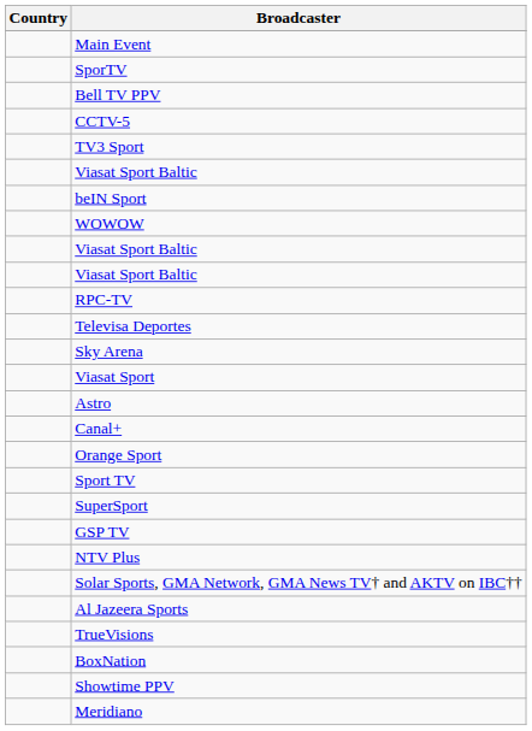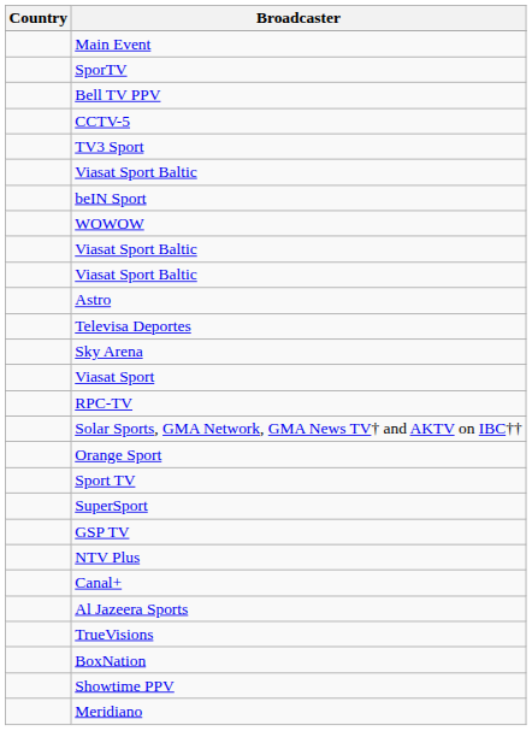 <table class="wikitable">
 <tr>
 <th align=center>Country</th>
 <th align=center>Broadcaster</th>
 </tr>
 <tr>
 </tr>
 <tr>
 <td></td>
 <td><a href='#'>Main Event</a></td>
 </tr>
 <tr>
 <td></td>
 <td><a href='#'>SporTV</a></td>
 </tr>
 <tr>
 <td></td>
 <td><a href='#'>Bell TV PPV</a></td>
 </tr>
 <tr>
 <td></td>
 <td><a href='#'>CCTV-5</a></td>
 </tr>
 <tr>
 <td></td>
 <td><a href='#'>TV3 Sport</a></td>
 </tr>
 <tr>
 <td></td>
 <td><a href='#'>Viasat Sport Baltic</a></td>
 </tr>
 <tr>
 <td></td>
 <td><a href='#'>beIN Sport</a></td>
 </tr>
 <tr>
 <td></td>
 <td><a href='#'>WOWOW</a></td>
 </tr>
 <tr>
 <td></td>
 <td><a href='#'>Viasat Sport Baltic</a></td>
 </tr>
 <tr>
 <td></td>
 <td><a href='#'>Viasat Sport Baltic</a></td>
 </tr>
 <tr>
 <td></td>
-<td><a href='#'>RPC-TV</a></td>
+<td><a href='#'>Astro</a></td>
 </tr>
 <tr>
 <td></td>
 <td><a href='#'>Televisa Deportes</a></td>
 </tr>
 <tr>
 <td></td>
 <td><a href='#'>Sky Arena</a></td>
 </tr>
 <tr>
 <td></td>
 <td><a href='#'>Viasat Sport</a></td>
 </tr>
 <tr>
 <td></td>
-<td><a href='#'>Astro</a></td>
+<td><a href='#'>RPC-TV</a></td>
 </tr>
 <tr>
 <td></td>
-<td><a href='#'>Canal+</a></td>
+<td><a href='#'>Solar Sports</a>, <a href='#'>GMA Network</a>, <a href='#'>GMA News TV</a>† and <a href='#'>AKTV</a> on <a href='#'>IBC</a>††</td>
 </tr>
 <tr>
 <td></td>
 <td><a href='#'>Orange Sport</a></td>
 </tr>
 <tr>
 <td></td>
 <td><a href='#'>Sport TV</a></td>
 </tr>
 <tr>
 <td></td>
 <td><a href='#'>SuperSport</a></td>
 </tr>
 <tr>
 <td></td>
 <td><a href='#'>GSP TV</a></td>
 </tr>
 <tr>
 <td></td>
 <td><a href='#'>NTV Plus</a></td>
 </tr>
 <tr>
 <td></td>
-<td><a href='#'>Solar Sports</a>, <a href='#'>GMA Network</a>, <a href='#'>GMA News TV</a>† and <a href='#'>AKTV</a> on <a href='#'>IBC</a>††</td>
+<td><a href='#'>Canal+</a></td>
 </tr>
 <tr>
 <td></td>
 <td><a href='#'>Al Jazeera Sports</a></td>
 </tr>
 <tr>
 <td></td>
 <td><a href='#'>TrueVisions</a></td>
 </tr>
 <tr>
 <td></td>
 <td><a href='#'>BoxNation</a></td>
 </tr>
 <tr>
 <td></td>
 <td><a href='#'>Showtime PPV</a></td>
 </tr>
 <tr>
 <td></td>
 <td><a href='#'>Meridiano</a></td>
 </tr>
 </table>
